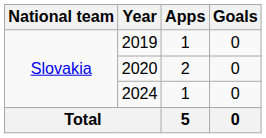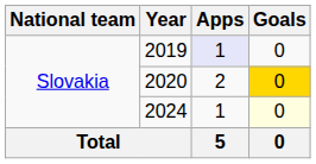 <table class="wikitable" style="text-align:center">
 <tr>
 <th>National team</th>
 <th>Year</th>
 <th>Apps</th>
 <th>Goals</th>
 </tr>
 <tr>
 <td rowspan="3"><a href='#'>Slovakia</a></td>
 <td>2019</td>
-<td>1</td>
+<td style="background: lavender;">1</td>
 <td>0</td>
 </tr>
 <tr>
 <td>2020</td>
 <td>2</td>
-<td>0</td>
+<td style="background: gold;">0</td>
 </tr>
 <tr>
 <td>2024</td>
 <td>1</td>
-<td>0</td>
+<td style="background: lightyellow;">0</td>
 </tr>
 <tr>
 <th colspan="2">Total</th>
 <th>5</th>
 <th>0</th>
 </tr>
 </table>
